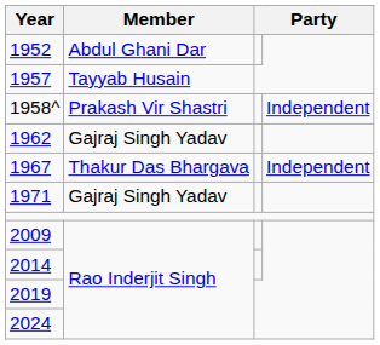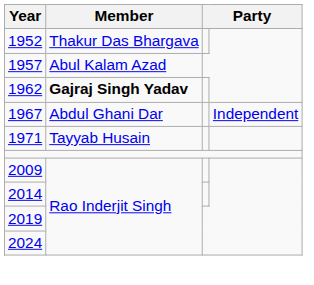 <table class="wikitable">
 <tr>
 <th>Year</th>
 <th>Member</th>
 <th colspan="2">Party</th>
 </tr>
 <tr>
 <td><a href='#'>1952</a></td>
-<td><a href='#'>Abdul Ghani Dar</a></td>
+<td><a href='#'>Thakur Das Bhargava</a></td>
 <td></td>
 </tr>
 <tr>
 <td><a href='#'>1957</a></td>
-<td><a href='#'>Tayyab Husain</a></td>
-</tr>
-<tr>
-<td>1958^</td>
-<td><a href='#'>Prakash Vir Shastri</a></td>
-<td style="background-color:"></td>
-<td><a href='#'>Independent</a></td>
+<td><a href='#'>Abul Kalam Azad</a></td>
 </tr>
 <tr>
 <td><a href='#'>1962</a></td>
-<td>Gajraj Singh Yadav</td>
+<td><strong>Gajraj Singh Yadav</strong></td>
 <td></td>
 </tr>
 <tr>
 <td><a href='#'>1967</a></td>
-<td><a href='#'>Thakur Das Bhargava</a></td>
+<td><a href='#'>Abdul Ghani Dar</a></td>
 <td style="background-color:"></td>
 <td><a href='#'>Independent</a></td>
 </tr>
 <tr>
 <td><a href='#'>1971</a></td>
-<td>Gajraj Singh Yadav</td>
+<td><a href='#'>Tayyab Husain</a></td>
 <td></td>
 </tr>
 <tr>
 <td colspan="4"></td>
 </tr>
 <tr>
 <td><a href='#'>2009</a></td>
 <td rowspan="4"><a href='#'>Rao Inderjit Singh</a></td>
 <td></td>
 </tr>
 <tr>
 <td><a href='#'>2014</a></td>
 <td></td>
 </tr>
 <tr>
 <td><a href='#'>2019</a></td>
 </tr>
 <tr>
 <td><a href='#'>2024</a></td>
 </tr>
 </table>
